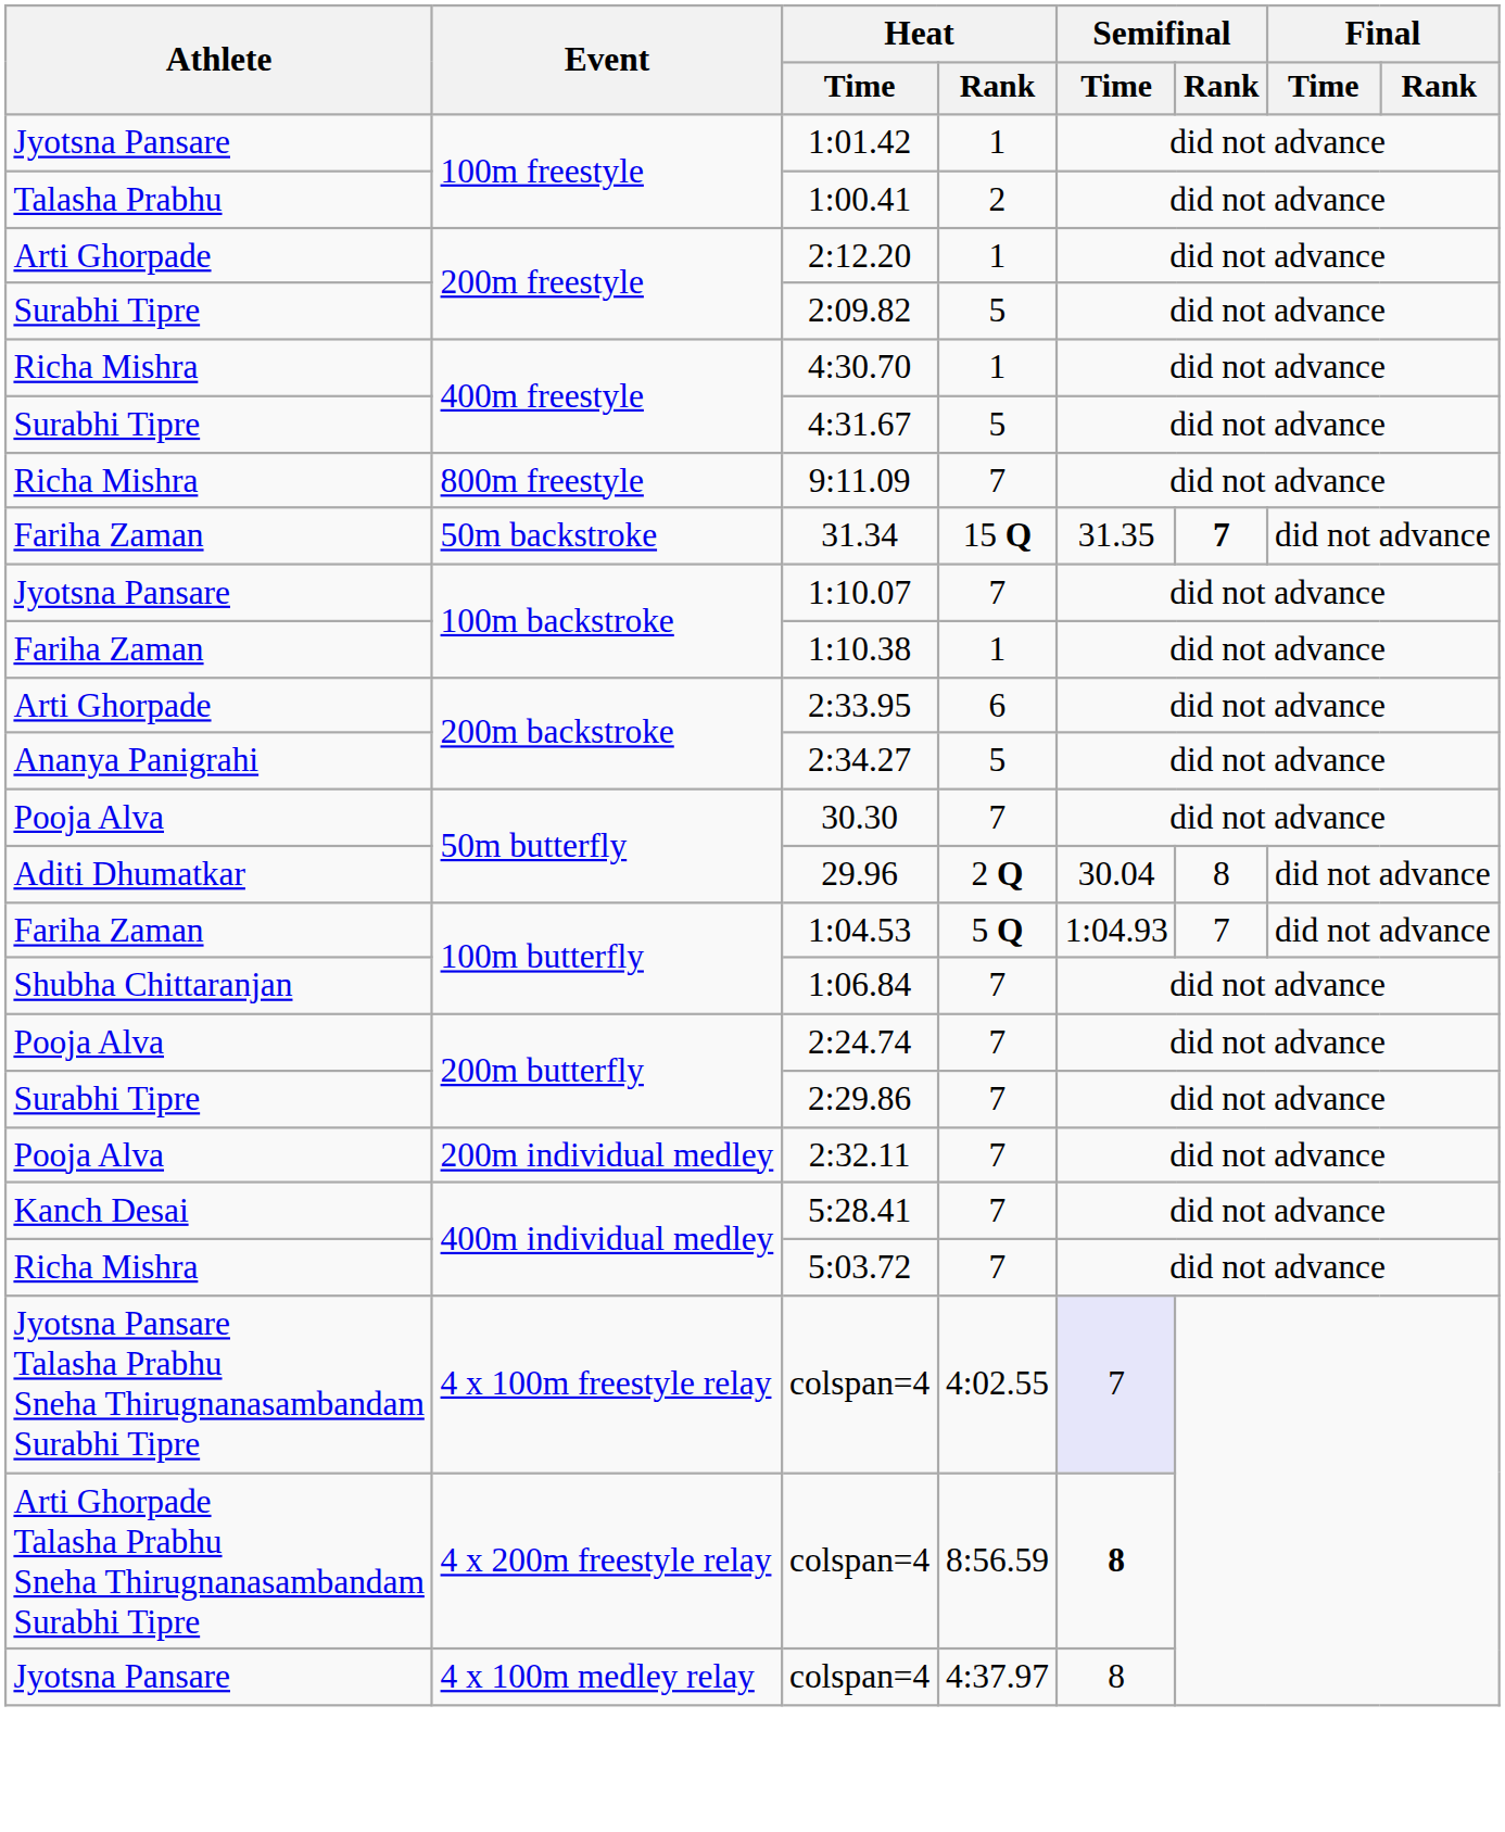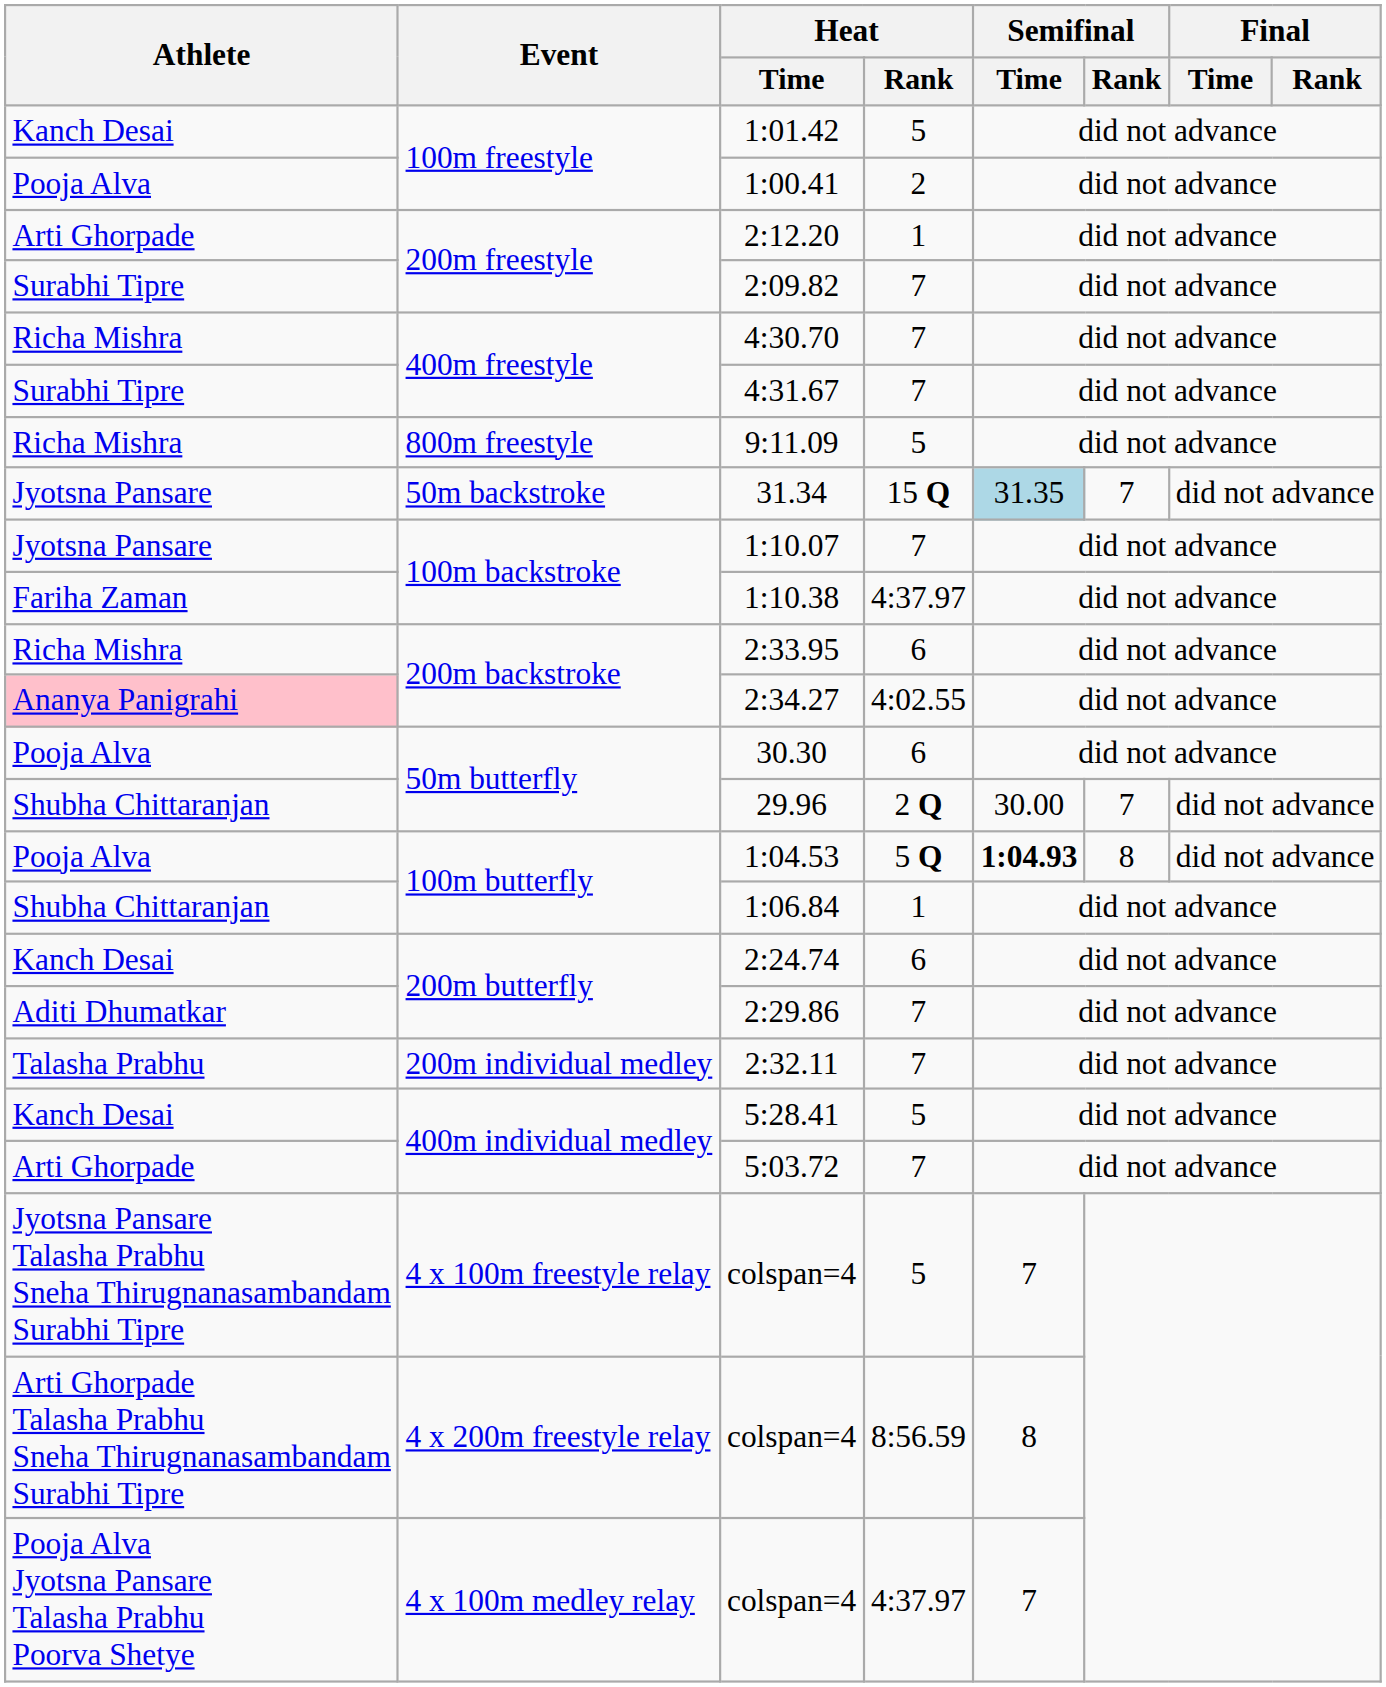 <table class=wikitable style="font-size:90%">
 <tr>
 <th rowspan="2">Athlete</th>
 <th rowspan="2">Event</th>
 <th colspan="2">Heat</th>
 <th colspan="2">Semifinal</th>
 <th colspan="2">Final</th>
 </tr>
 <tr style="font-size:95%">
 <th>Time</th>
 <th>Rank</th>
 <th>Time</th>
 <th>Rank</th>
 <th>Time</th>
 <th>Rank</th>
 </tr>
 <tr align=center>
-<td align=left><a href='#'>Jyotsna Pansare</a></td>
+<td align=left><a href='#'>Kanch Desai</a></td>
 <td align=left rowspan=2><a href='#'>100m freestyle</a></td>
 <td>1:01.42</td>
-<td>1</td>
+<td>5</td>
 <td colspan=4>did not advance</td>
 </tr>
 <tr align=center>
-<td align=left><a href='#'>Talasha Prabhu</a></td>
+<td align=left><a href='#'>Pooja Alva</a></td>
 <td>1:00.41</td>
 <td>2</td>
 <td colspan=4>did not advance</td>
 </tr>
 <tr align=center>
 <td align=left><a href='#'>Arti Ghorpade</a></td>
 <td align=left rowspan=2><a href='#'>200m freestyle</a></td>
 <td>2:12.20</td>
 <td>1</td>
 <td colspan=4>did not advance</td>
 </tr>
 <tr align=center>
 <td align=left><a href='#'>Surabhi Tipre</a></td>
 <td>2:09.82</td>
-<td>5</td>
+<td>7</td>
 <td colspan=4>did not advance</td>
 </tr>
 <tr align=center>
 <td align=left><a href='#'>Richa Mishra</a></td>
 <td align=left rowspan=2><a href='#'>400m freestyle</a></td>
 <td>4:30.70</td>
-<td>1</td>
+<td>7</td>
 <td colspan=4>did not advance</td>
 </tr>
 <tr align=center>
 <td align=left><a href='#'>Surabhi Tipre</a></td>
 <td>4:31.67</td>
-<td>5</td>
+<td>7</td>
 <td colspan=4>did not advance</td>
 </tr>
 <tr align=center>
 <td align=left><a href='#'>Richa Mishra</a></td>
 <td align=left><a href='#'>800m freestyle</a></td>
 <td>9:11.09</td>
-<td>7</td>
+<td>5</td>
 <td colspan=4>did not advance</td>
 </tr>
 <tr align=center>
-<td align=left><a href='#'>Fariha Zaman</a></td>
+<td align=left><a href='#'>Jyotsna Pansare</a></td>
 <td align=left><a href='#'>50m backstroke</a></td>
 <td>31.34</td>
 <td>15 <strong>Q</strong></td>
-<td>31.35</td>
-<td><strong>7</strong></td>
+<td style="background: lightblue;">31.35</td>
+<td>7</td>
 <td colspan=2>did not advance</td>
 </tr>
 <tr align=center>
 <td align=left><a href='#'>Jyotsna Pansare</a></td>
 <td align=left rowspan=2><a href='#'>100m backstroke</a></td>
 <td>1:10.07</td>
 <td>7</td>
 <td colspan=4>did not advance</td>
 </tr>
 <tr align=center>
 <td align=left><a href='#'>Fariha Zaman</a></td>
 <td>1:10.38</td>
-<td>1</td>
+<td>4:37.97</td>
 <td colspan=4>did not advance</td>
 </tr>
 <tr align=center>
-<td align=left><a href='#'>Arti Ghorpade</a></td>
+<td align=left><a href='#'>Richa Mishra</a></td>
 <td align=left rowspan=2><a href='#'>200m backstroke</a></td>
 <td>2:33.95</td>
 <td>6</td>
 <td colspan=4>did not advance</td>
 </tr>
 <tr align=center>
-<td align=left><a href='#'>Ananya Panigrahi</a></td>
+<td align=left style="background: pink;"><a href='#'>Ananya Panigrahi</a></td>
 <td>2:34.27</td>
-<td>5</td>
+<td>4:02.55</td>
 <td colspan=4>did not advance</td>
 </tr>
 <tr align=center>
 <td align=left><a href='#'>Pooja Alva</a></td>
 <td align=left rowspan=2><a href='#'>50m butterfly</a></td>
 <td>30.30</td>
-<td>7</td>
+<td>6</td>
 <td colspan=4>did not advance</td>
 </tr>
 <tr align=center>
-<td align=left><a href='#'>Aditi Dhumatkar</a></td>
+<td align=left><a href='#'>Shubha Chittaranjan</a></td>
 <td>29.96</td>
 <td>2 <strong>Q</strong></td>
-<td>30.04</td>
-<td>8</td>
+<td>30.00</td>
+<td>7</td>
 <td colspan=2>did not advance</td>
 </tr>
 <tr align=center>
-<td align=left><a href='#'>Fariha Zaman</a></td>
+<td align=left><a href='#'>Pooja Alva</a></td>
 <td align=left rowspan=2><a href='#'>100m butterfly</a></td>
 <td>1:04.53</td>
 <td>5 <strong>Q</strong></td>
-<td>1:04.93</td>
-<td>7</td>
+<td><strong>1:04.93</strong></td>
+<td>8</td>
 <td colspan=2>did not advance</td>
 </tr>
 <tr align=center>
 <td align=left><a href='#'>Shubha Chittaranjan</a></td>
 <td>1:06.84</td>
-<td>7</td>
+<td>1</td>
 <td colspan=4>did not advance</td>
 </tr>
 <tr align=center>
-<td align=left><a href='#'>Pooja Alva</a></td>
+<td align=left><a href='#'>Kanch Desai</a></td>
 <td align=left rowspan=2><a href='#'>200m butterfly</a></td>
 <td>2:24.74</td>
-<td>7</td>
+<td>6</td>
 <td colspan=4>did not advance</td>
 </tr>
 <tr align=center>
-<td align=left><a href='#'>Surabhi Tipre</a></td>
+<td align=left><a href='#'>Aditi Dhumatkar</a></td>
 <td>2:29.86</td>
 <td>7</td>
 <td colspan=4>did not advance</td>
 </tr>
 <tr align=center>
-<td align=left><a href='#'>Pooja Alva</a></td>
+<td align=left><a href='#'>Talasha Prabhu</a></td>
 <td align=left><a href='#'>200m individual medley</a></td>
 <td>2:32.11</td>
 <td>7</td>
 <td colspan=4>did not advance</td>
 </tr>
 <tr align=center>
 <td align=left><a href='#'>Kanch Desai</a></td>
 <td align=left rowspan=2><a href='#'>400m individual medley</a></td>
 <td>5:28.41</td>
-<td>7</td>
+<td>5</td>
 <td colspan=4>did not advance</td>
 </tr>
 <tr align=center>
-<td align=left><a href='#'>Richa Mishra</a></td>
+<td align=left><a href='#'>Arti Ghorpade</a></td>
 <td>5:03.72</td>
 <td>7</td>
 <td colspan=4>did not advance</td>
 </tr>
 <tr align=center>
 <td align=left><a href='#'>Jyotsna Pansare</a><br><a href='#'>Talasha Prabhu</a><br><a href='#'>Sneha Thirugnanasambandam</a><br><a href='#'>Surabhi Tipre</a></td>
 <td align=left><a href='#'>4 x 100m freestyle relay</a></td>
 <td>colspan=4 </td>
-<td>4:02.55</td>
-<td style="background: lavender;">7</td>
+<td>5</td>
+<td>7</td>
 </tr>
 <tr align=center>
 <td align=left><a href='#'>Arti Ghorpade</a><br><a href='#'>Talasha Prabhu</a><br><a href='#'>Sneha Thirugnanasambandam</a><br><a href='#'>Surabhi Tipre</a></td>
 <td align=left><a href='#'>4 x 200m freestyle relay</a></td>
 <td>colspan=4 </td>
 <td>8:56.59</td>
-<td><strong>8</strong></td>
+<td>8</td>
 </tr>
 <tr align=center>
-<td align=left><a href='#'>Jyotsna Pansare</a></td>
+<td align=left><a href='#'>Pooja Alva</a><br><a href='#'>Jyotsna Pansare</a><br><a href='#'>Talasha Prabhu</a><br><a href='#'>Poorva Shetye</a></td>
 <td align=left><a href='#'>4 x 100m medley relay</a></td>
 <td>colspan=4 </td>
 <td>4:37.97</td>
-<td>8</td>
+<td>7</td>
 </tr>
 </table>
